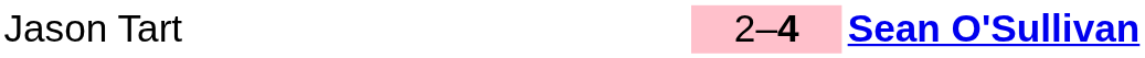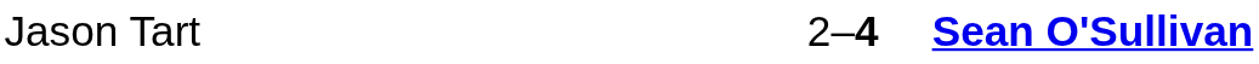 <table width="50%" cellspacing="1">
 <tr>
 <th width=45%></th>
 <th width=10%></th>
 <th width=45%></th>
 </tr>
 <tr>
 <td> Jason Tart</td>
-<td align="center" style="background: pink;">2–<strong>4</strong></td>
+<td align="center">2–<strong>4</strong></td>
 <td> <strong><a href='#'>Sean O'Sullivan</a></strong></td>
 </tr>
 </table>
